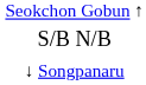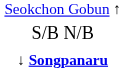 <table style="text-align:center;">
 <tr>
 <td><small> <a href='#'>Seokchon Gobun</a> ↑</small></td>
 </tr>
 <tr>
 <td><span>S/B</span>   <span>N/B</span></td>
 </tr>
 <tr>
-<td><small>↓ <a href='#'>Songpanaru</a></small></td>
+<td><strong><small>↓ <a href='#'>Songpanaru</a></small></strong></td>
 </tr>
 </table>
